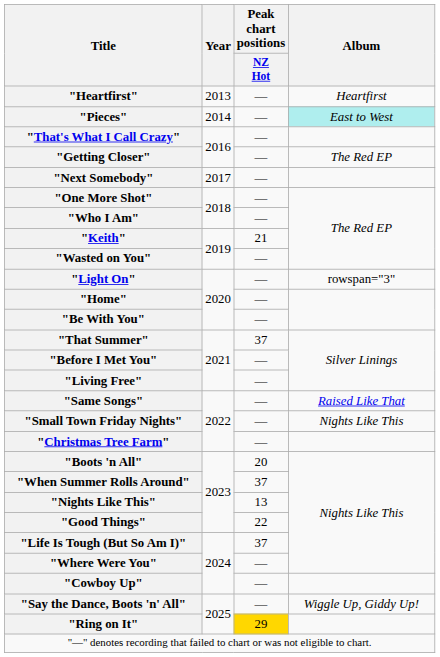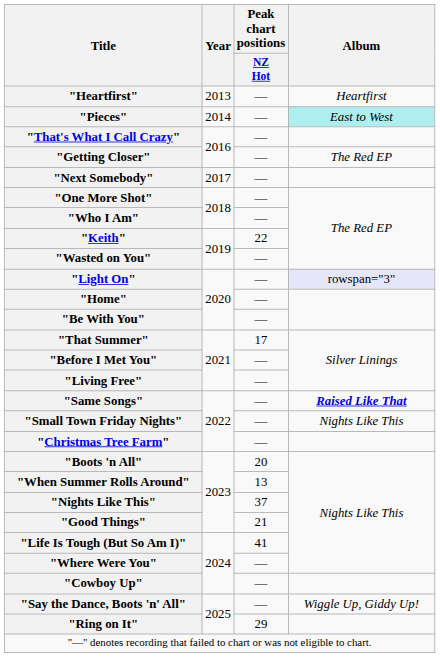 <table class="wikitable plainrowheaders" style="text-align:center;">
 <tr>
 <th scope="col" rowspan="2" style="width:15em;">Title</th>
 <th scope="col" rowspan="2" style="width:1em;">Year</th>
 <th scope="col" colspan="1">Peak chart positions</th>
 <th scope="col" rowspan="2" style="width:11em;">Album</th>
 </tr>
 <tr>
 <th scope="col" style="width:4em;font-size:90%;"><a href='#'>NZ<br>Hot</a><br></th>
 </tr>
 <tr>
 <th scope="row">"Heartfirst"</th>
 <td>2013</td>
 <td>—</td>
 <td><em>Heartfirst</em></td>
 </tr>
 <tr>
 <th scope="row">"Pieces"<br></th>
 <td>2014</td>
 <td>—</td>
 <td style="background: paleturquoise;"><em>East to West</em></td>
 </tr>
 <tr>
 <th scope="row">"<a href='#'>That's What I Call Crazy</a>"</th>
 <td rowspan="2">2016</td>
 <td>—</td>
 <td></td>
 </tr>
 <tr>
 <th scope="row">"Getting Closer"</th>
 <td>—</td>
 <td><em>The Red EP</em></td>
 </tr>
 <tr>
 <th scope="row">"Next Somebody"</th>
 <td>2017</td>
 <td>—</td>
 <td></td>
 </tr>
 <tr>
 <th scope="row">"One More Shot"</th>
 <td rowspan="2">2018</td>
 <td>—</td>
 <td rowspan="4"><em>The Red EP</em></td>
 </tr>
 <tr>
 <th scope="row">"Who I Am"</th>
 <td>—</td>
 </tr>
 <tr>
 <th scope="row">"<a href='#'>Keith</a>"</th>
 <td rowspan="2">2019</td>
-<td>21</td>
+<td>22</td>
 </tr>
 <tr>
 <th scope="row">"Wasted on You"</th>
 <td>—</td>
 </tr>
 <tr>
 <th scope="row">"<a href='#'>Light On</a>"</th>
 <td rowspan="3">2020</td>
 <td>—</td>
-<td>rowspan="3" </td>
+<td style="background: lavender;">rowspan="3" </td>
 </tr>
 <tr>
 <th scope="row">"Home"</th>
 <td>—</td>
 </tr>
 <tr>
 <th scope="row">"Be With You"</th>
 <td>—</td>
 </tr>
 <tr>
 <th scope="row">"That Summer"<br></th>
 <td rowspan="3">2021</td>
-<td>37</td>
+<td>17</td>
 <td rowspan="3"><em>Silver Linings</em></td>
 </tr>
 <tr>
 <th scope="row">"Before I Met You"<br></th>
 <td>—</td>
 </tr>
 <tr>
 <th scope="row">"Living Free"<br></th>
 <td>—</td>
 </tr>
 <tr>
 <th scope="row">"Same Songs"<br></th>
 <td rowspan="3">2022</td>
 <td>—</td>
-<td><em><a href='#'>Raised Like That</a></em></td>
+<td><strong><em><a href='#'>Raised Like That</a></em></strong></td>
 </tr>
 <tr>
 <th scope="row">"Small Town Friday Nights"</th>
 <td>—</td>
 <td><em>Nights Like This</em></td>
 </tr>
 <tr>
 <th scope="row">"<a href='#'>Christmas Tree Farm</a>"</th>
 <td>—</td>
 <td></td>
 </tr>
 <tr>
 <th scope="row">"Boots 'n All"</th>
 <td rowspan="4">2023</td>
 <td>20</td>
 <td rowspan="6"><em>Nights Like This</em></td>
 </tr>
 <tr>
 <th scope="row">"When Summer Rolls Around"</th>
+<td>13</td>
+</tr>
+<tr>
+<th scope="row">"Nights Like This"</th>
 <td>37</td>
 </tr>
 <tr>
-<th scope="row">"Nights Like This"</th>
-<td>13</td>
-</tr>
-<tr>
 <th scope="row">"Good Things"</th>
-<td>22</td>
+<td>21</td>
 </tr>
 <tr>
 <th scope="row">"Life Is Tough (But So Am I)"<br></th>
 <td rowspan="3">2024</td>
-<td>37</td>
+<td>41</td>
 </tr>
 <tr>
 <th scope="row">"Where Were You"</th>
 <td>—</td>
 </tr>
 <tr>
 <th scope="row">"Cowboy Up"</th>
 <td>—</td>
 <td></td>
 </tr>
 <tr>
 <th scope="row">"Say the Dance, Boots 'n' All"<br></th>
 <td rowspan="2">2025</td>
 <td>—</td>
 <td><em>Wiggle Up, Giddy Up!</em></td>
 </tr>
 <tr>
 <th scope="row">"Ring on It"</th>
-<td style="background: gold;">29</td>
+<td>29</td>
 <td></td>
 </tr>
 <tr>
 <td colspan="10" style="font-size:85%">"—" denotes recording that failed to chart or was not eligible to chart.</td>
 </tr>
 </table>
